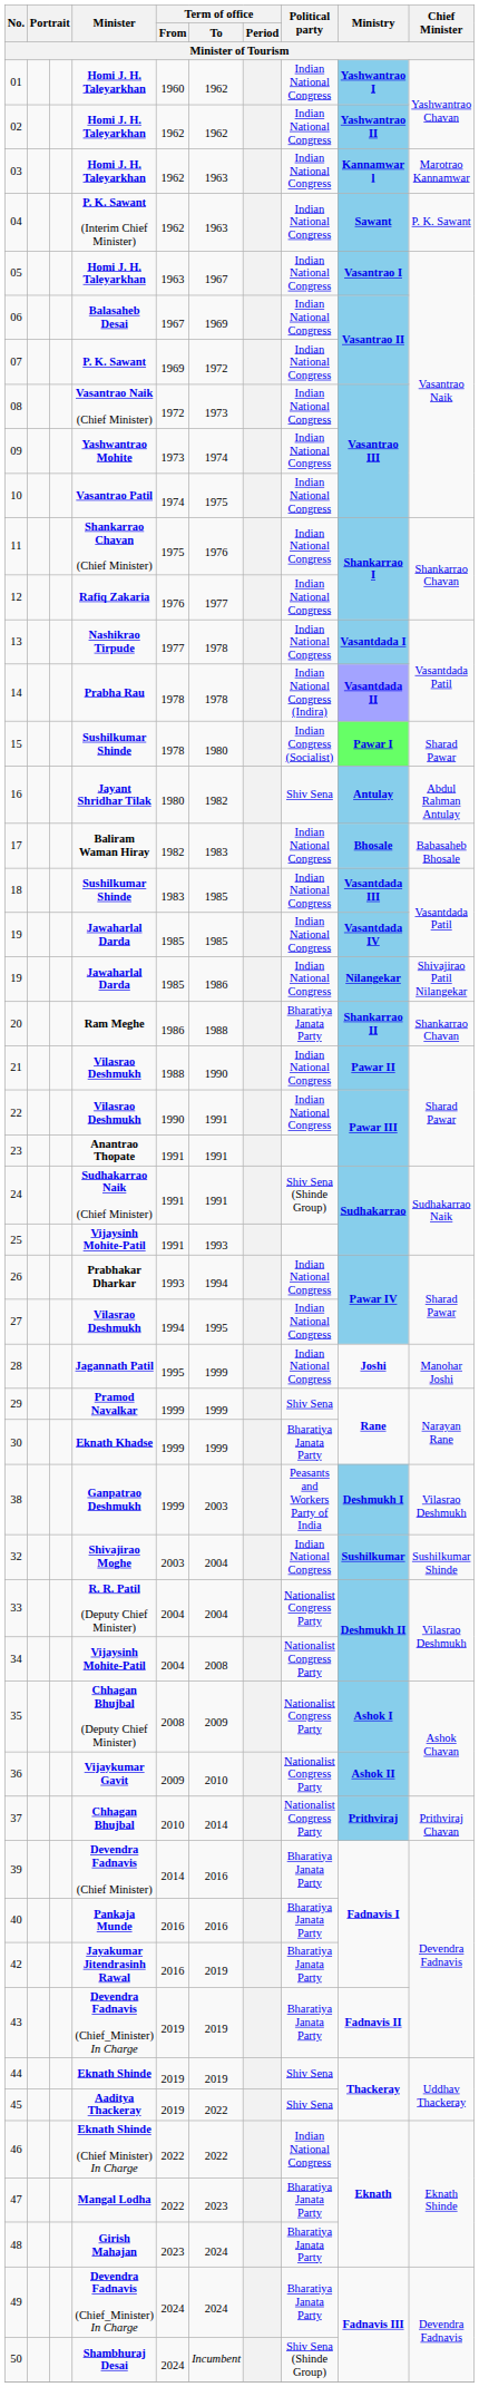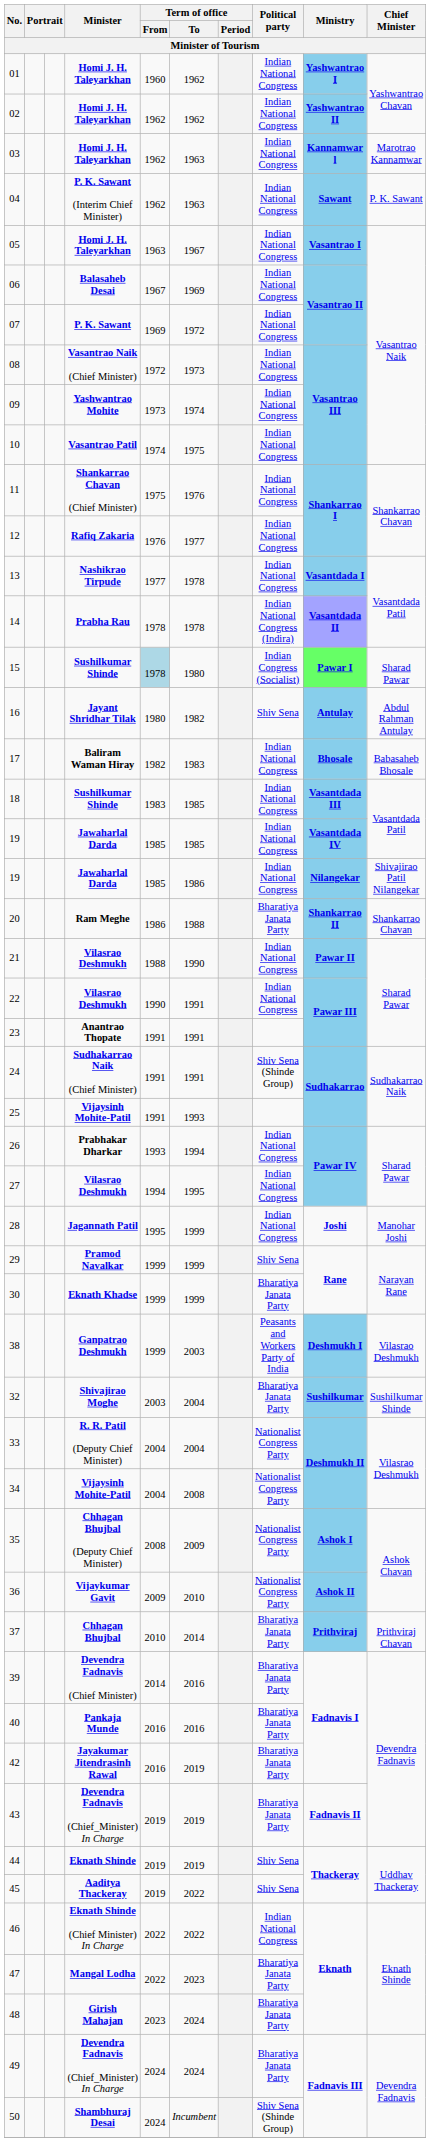 <table class="wikitable" style="text-align:center">
 <tr>
 <th rowspan="2">No.</th>
 <th rowspan="2" colspan="2">Portrait</th>
 <th rowspan="2" style="width:16em">Minister<br></th>
 <th colspan="3">Term of office</th>
 <th rowspan="2" style="width:8em">Political party</th>
 <th rowspan="2">Ministry</th>
 <th rowspan="2" style="width:9em">Chief Minister</th>
 </tr>
 <tr>
 <th style="width:6em">From</th>
 <th style="width:6em">To</th>
 <th>Period</th>
 </tr>
 <tr>
 <th colspan="10">Minister of Tourism</th>
 </tr>
 <tr>
 <td>01</td>
 <td style="color:inherit;background:"></td>
 <td></td>
 <td><strong><a href='#'>Homi J. H. Taleyarkhan</a></strong>  <br> </td>
 <td><br>1960</td>
 <td><br>1962</td>
 <th></th>
 <td><a href='#'>Indian National Congress</a></td>
 <td bgcolor="#87CEEB"><a href='#'><strong>Yashwantrao I</strong></a></td>
 <td rowspan="2"> <br><a href='#'>Yashwantrao Chavan</a></td>
 </tr>
 <tr>
 <td>02</td>
 <td style="color:inherit;background:"></td>
 <td></td>
 <td><strong><a href='#'>Homi J. H. Taleyarkhan</a></strong>   <br> </td>
 <td><br>1962</td>
 <td><br>1962</td>
 <th></th>
 <td><a href='#'>Indian National Congress</a></td>
 <td bgcolor="#87CEEB"><a href='#'><strong>Yashwantrao II</strong></a></td>
 </tr>
 <tr>
 <td>03</td>
 <td style="color:inherit;background:"></td>
 <td></td>
 <td><strong><a href='#'>Homi J. H. Taleyarkhan</a></strong> <br> </td>
 <td><br>1962</td>
 <td><br>1963</td>
 <th></th>
 <td><a href='#'>Indian National Congress</a></td>
 <td bgcolor="#87CEEB"><a href='#'><strong>Kannamwar l</strong></a></td>
 <td><a href='#'>Marotrao Kannamwar</a></td>
 </tr>
 <tr>
 <td>04</td>
 <td style="color:inherit;background:"></td>
 <td></td>
 <td><strong><a href='#'>P. K. Sawant</a></strong> <br>  <br>(Interim Chief Minister)</td>
 <td><br>1962</td>
 <td><br>1963</td>
 <th></th>
 <td><a href='#'>Indian National Congress</a></td>
 <td bgcolor="#87CEEB"><a href='#'><strong>Sawant</strong></a></td>
 <td><a href='#'>P. K. Sawant</a></td>
 </tr>
 <tr>
 <td>05</td>
 <td style="color:inherit;background:"></td>
 <td></td>
 <td><strong><a href='#'>Homi J. H. Taleyarkhan</a></strong> <br> </td>
 <td><br>1963</td>
 <td><br>1967</td>
 <th></th>
 <td><a href='#'>Indian National Congress</a></td>
 <td bgcolor="#87CEEB"><a href='#'><strong>Vasantrao I</strong></a></td>
 <td rowspan="6"><br><a href='#'>Vasantrao Naik</a></td>
 </tr>
 <tr>
 <td>06</td>
 <td style="color:inherit;background:"></td>
 <td></td>
 <td><strong><a href='#'>Balasaheb Desai</a></strong> <br> </td>
 <td><br>1967</td>
 <td><br>1969</td>
 <th></th>
 <td><a href='#'>Indian National Congress</a></td>
 <td rowspan="2" bgcolor="#87CEEB"><a href='#'><strong>Vasantrao II</strong></a></td>
 </tr>
 <tr>
 <td>07</td>
 <td style="color:inherit;background:"></td>
 <td></td>
 <td><strong><a href='#'>P. K. Sawant</a></strong> <br> </td>
 <td><br>1969</td>
 <td><br>1972</td>
 <th></th>
 <td><a href='#'>Indian National Congress</a></td>
 </tr>
 <tr>
 <td>08</td>
 <td style="color:inherit;background:"></td>
 <td></td>
 <td><strong><a href='#'>Vasantrao Naik</a></strong> <br> <br> (Chief Minister)</td>
 <td><br>1972</td>
 <td><br>1973</td>
 <th></th>
 <td><a href='#'>Indian National Congress</a></td>
 <td rowspan="3" bgcolor="#87CEEB"><a href='#'><strong>Vasantrao III</strong></a></td>
 </tr>
 <tr>
 <td>09</td>
 <td style="color:inherit;background:"></td>
 <td></td>
 <td><strong><a href='#'>Yashwantrao Mohite</a></strong> <br> </td>
 <td><br>1973</td>
 <td><br>1974</td>
 <th></th>
 <td><a href='#'>Indian National Congress</a></td>
 </tr>
 <tr>
 <td>10</td>
 <td style="color:inherit;background:"></td>
 <td></td>
 <td><strong><a href='#'>Vasantrao Patil</a></strong> <br> </td>
 <td><br>1974</td>
 <td><br>1975</td>
 <th></th>
 <td><a href='#'>Indian National Congress</a></td>
 </tr>
 <tr>
 <td>11</td>
 <td style="color:inherit;background:"></td>
 <td></td>
 <td><strong><a href='#'>Shankarrao Chavan</a></strong> <br> <br> (Chief Minister)</td>
 <td><br>1975</td>
 <td><br>1976</td>
 <th></th>
 <td><a href='#'>Indian National Congress</a></td>
 <td rowspan="2" bgcolor="#87CEEB"><a href='#'><strong>Shankarrao I</strong></a></td>
 <td rowspan="2"><br><a href='#'>Shankarrao Chavan</a></td>
 </tr>
 <tr>
 <td>12</td>
 <td style="color:inherit;background:"></td>
 <td></td>
 <td><strong><a href='#'>Rafiq Zakaria</a></strong> <br> </td>
 <td><br>1976</td>
 <td><br>1977</td>
 <th></th>
 <td><a href='#'>Indian National Congress</a></td>
 </tr>
 <tr>
 <td>13</td>
 <td style="color:inherit;background:"></td>
 <td></td>
 <td><strong><a href='#'>Nashikrao Tirpude</a></strong> <br> </td>
 <td><br>1977</td>
 <td><br>1978</td>
 <th></th>
 <td><a href='#'>Indian National Congress</a></td>
 <td rowspan="1" bgcolor="#88CEEB"><a href='#'><strong>Vasantdada I</strong></a></td>
 <td rowspan="2"><br><a href='#'>Vasantdada Patil</a></td>
 </tr>
 <tr>
 <td>14</td>
 <td style="color:inherit;background:"></td>
 <td></td>
 <td><strong><a href='#'>Prabha Rau</a></strong> <br> </td>
 <td><br>1978</td>
 <td><br>1978</td>
 <th></th>
 <td><a href='#'>Indian National Congress (Indira)</a></td>
 <td rowspan="1" bgcolor="#A3A3FF"><a href='#'><strong>Vasantdada II</strong></a></td>
 </tr>
 <tr>
 <td>15</td>
 <td style="color:inherit;background:"></td>
 <td></td>
 <td><strong><a href='#'>Sushilkumar Shinde</a></strong> <br> </td>
-<td><br>1978</td>
+<td style="background: lightblue;"><br>1978</td>
 <td><br>1980</td>
 <th></th>
 <td><a href='#'>Indian Congress (Socialist)</a></td>
 <td rowspan="1" bgcolor="#66FF66"><a href='#'><strong>Pawar I</strong></a></td>
 <td rowspan="1"><br><a href='#'>Sharad Pawar</a></td>
 </tr>
 <tr>
 <td>16</td>
 <td style="color:inherit;background:"></td>
 <td></td>
 <td><strong><a href='#'>Jayant Shridhar Tilak</a></strong> <br> </td>
 <td><br>1980</td>
 <td><br>1982</td>
 <th></th>
 <td><a href='#'>Shiv Sena</a></td>
 <td rowspan="1" bgcolor="#87CEEB"><a href='#'><strong>Antulay</strong></a></td>
 <td rowspan="1"> <br><a href='#'>Abdul Rahman Antulay</a></td>
 </tr>
 <tr>
 <td>17</td>
 <td style="color:inherit;background:"></td>
 <td></td>
 <td><strong>Baliram Waman Hiray</strong>  <br> </td>
 <td><br>1982</td>
 <td><br>1983</td>
 <th></th>
 <td><a href='#'>Indian National Congress</a></td>
 <td rowspan="1" bgcolor="#87CEEB"><a href='#'><strong>Bhosale</strong></a></td>
 <td rowspan="1"> <br><a href='#'>Babasaheb Bhosale</a></td>
 </tr>
 <tr>
 <td>18</td>
 <td style="color:inherit;background:"></td>
 <td></td>
 <td><strong><a href='#'>Sushilkumar Shinde</a></strong> <br> </td>
 <td><br>1983</td>
 <td><br>1985</td>
 <th></th>
 <td><a href='#'>Indian National Congress</a></td>
 <td rowspan="1" bgcolor="#87CEEB"><a href='#'><strong>Vasantdada III</strong></a></td>
 <td rowspan="2"><br><a href='#'>Vasantdada Patil</a></td>
 </tr>
 <tr>
 <td>19</td>
 <td style="color:inherit;background:"></td>
 <td></td>
 <td><strong><a href='#'>Jawaharlal Darda</a></strong>  <br> </td>
 <td><br>1985</td>
 <td><br>1985</td>
 <th></th>
 <td><a href='#'>Indian National Congress</a></td>
 <td bgcolor="#87CEEB"><a href='#'><strong>Vasantdada IV</strong></a></td>
 </tr>
 <tr>
 <td>19</td>
 <td style="color:inherit;background:"></td>
 <td></td>
 <td><strong><a href='#'>Jawaharlal Darda</a></strong>  <br> </td>
 <td><br>1985</td>
 <td><br>1986</td>
 <th></th>
 <td><a href='#'>Indian National Congress</a></td>
 <td bgcolor="#87CEEB"><a href='#'><strong>Nilangekar</strong></a></td>
 <td><a href='#'>Shivajirao Patil Nilangekar</a></td>
 </tr>
 <tr>
 <td>20</td>
 <td style="color:inherit;background:"></td>
 <td></td>
 <td><strong>Ram Meghe</strong> <br> </td>
 <td><br>1986</td>
 <td><br>1988</td>
 <th></th>
 <td><a href='#'>Bharatiya Janata Party</a></td>
 <td rowspan="1"bgcolor="#87CEEB"><a href='#'><strong>Shankarrao II</strong></a></td>
 <td rowspan="1"> <br><a href='#'>Shankarrao Chavan</a></td>
 </tr>
 <tr>
 <td>21</td>
 <td style="color:inherit;background:"></td>
 <td></td>
 <td><strong><a href='#'>Vilasrao Deshmukh</a></strong>  <br> </td>
 <td><br>1988</td>
 <td><br>1990</td>
 <th></th>
 <td><a href='#'>Indian National Congress</a></td>
 <td rowspan="1" bgcolor="#87CEEB"><a href='#'><strong>Pawar II</strong></a></td>
 <td rowspan="3"> <br><a href='#'>Sharad Pawar</a></td>
 </tr>
 <tr>
 <td>22</td>
 <td style="color:inherit;background:"></td>
 <td></td>
 <td><strong><a href='#'>Vilasrao Deshmukh</a></strong> <br> </td>
 <td><br>1990</td>
 <td><br>1991</td>
 <th></th>
 <td><a href='#'>Indian National Congress</a></td>
 <td rowspan="2" bgcolor="#87CEEB"><a href='#'><strong>Pawar III</strong></a></td>
 </tr>
 <tr>
 <td>23</td>
 <td style="color:inherit;background:"></td>
 <td></td>
 <td><strong>Anantrao Thopate</strong> <br> </td>
 <td><br>1991</td>
 <td><br>1991</td>
 <th></th>
 </tr>
 <tr>
 <td>24</td>
 <td style="color:inherit;background:"></td>
 <td></td>
 <td><strong><a href='#'>Sudhakarrao Naik</a></strong> <br> <br> (Chief Minister)</td>
 <td><br>1991</td>
 <td><br>1991</td>
 <th></th>
 <td><a href='#'>Shiv Sena</a> (Shinde Group)</td>
 <td rowspan="2" bgcolor="#87CEEB"><a href='#'><strong>Sudhakarrao</strong></a></td>
 <td rowspan="2"><a href='#'>Sudhakarrao Naik</a></td>
 </tr>
 <tr>
 <td>25</td>
 <td style="color:inherit;background:"></td>
 <td></td>
 <td><strong><a href='#'>Vijaysinh Mohite-Patil</a></strong> <br> </td>
 <td><br>1991</td>
 <td><br>1993</td>
 <th></th>
 </tr>
 <tr>
 <td>26</td>
 <td style="color:inherit;background:"></td>
 <td></td>
 <td><strong>Prabhakar Dharkar</strong> <br> </td>
 <td><br>1993</td>
 <td><br>1994</td>
 <th></th>
 <td><a href='#'>Indian National Congress</a></td>
 <td rowspan="2" bgcolor="#87CEEB"><a href='#'><strong>Pawar IV</strong></a></td>
 <td rowspan="2"> <br><a href='#'>Sharad Pawar</a></td>
 </tr>
 <tr>
 <td>27</td>
 <td style="color:inherit;background:"></td>
 <td></td>
 <td><strong><a href='#'>Vilasrao Deshmukh</a></strong> <br> </td>
 <td><br>1994</td>
 <td><br>1995</td>
 <th></th>
 <td><a href='#'>Indian National Congress</a></td>
 </tr>
 <tr>
 <td>28</td>
 <td style="color:inherit;background:"></td>
 <td></td>
 <td><strong><a href='#'>Jagannath Patil</a></strong> <br> </td>
 <td><br>1995</td>
 <td><br>1999</td>
 <th></th>
 <td><a href='#'>Indian National Congress</a></td>
 <td rowspan="1"><a href='#'><strong>Joshi</strong></a></td>
 <td rowspan="1"> <br><a href='#'>Manohar Joshi</a></td>
 </tr>
 <tr>
 <td>29</td>
 <td style="color:inherit;background:"></td>
 <td></td>
 <td><strong><a href='#'>Pramod Navalkar</a></strong> <br> </td>
 <td><br>1999</td>
 <td><br>1999</td>
 <th></th>
 <td><a href='#'>Shiv Sena</a></td>
 <td rowspan="2"><a href='#'><strong>Rane</strong></a></td>
 <td rowspan="2"> <br><a href='#'>Narayan Rane</a></td>
 </tr>
 <tr>
 <td>30</td>
 <td style="color:inherit;background:"></td>
 <td></td>
 <td><strong><a href='#'>Eknath Khadse</a></strong> <br> </td>
 <td><br>1999</td>
 <td><br>1999</td>
 <th></th>
 <td><a href='#'>Bharatiya Janata Party</a></td>
 </tr>
 <tr>
 <td>38</td>
 <td style="color:inherit;background:"></td>
 <td></td>
 <td><strong><a href='#'>Ganpatrao Deshmukh</a></strong> <br> </td>
 <td><br>1999</td>
 <td><br>2003</td>
 <th></th>
 <td><a href='#'>Peasants and Workers Party of India</a></td>
 <td rowspan="1" bgcolor="#87CEEB"><a href='#'><strong>Deshmukh I</strong></a></td>
 <td rowspan="1"> <br><a href='#'>Vilasrao Deshmukh</a></td>
 </tr>
 <tr>
 <td>32</td>
 <td style="color:inherit;background:"></td>
 <td></td>
 <td><strong><a href='#'>Shivajirao Moghe</a></strong> <br> </td>
 <td><br>2003</td>
 <td><br>2004</td>
 <th></th>
-<td><a href='#'>Indian National Congress</a></td>
+<td rowspan="1"><a href='#'>Bharatiya Janata Party</a></td>
 <td rowspan="1" bgcolor="#87CEEB"><a href='#'><strong>Sushilkumar</strong></a></td>
 <td rowspan="1"> <br><a href='#'>Sushilkumar Shinde</a></td>
 </tr>
 <tr>
 <td>33</td>
 <td style="color:inherit;background:"></td>
 <td></td>
 <td><strong><a href='#'>R. R. Patil</a></strong> <br> <br> (Deputy Chief Minister)</td>
 <td><br>2004</td>
 <td><br>2004</td>
 <th></th>
 <td><a href='#'>Nationalist Congress Party</a></td>
 <td rowspan="2" bgcolor="#87CEEB"><a href='#'><strong>Deshmukh II</strong></a></td>
 <td rowspan="2"> <br><a href='#'>Vilasrao Deshmukh</a></td>
 </tr>
 <tr>
 <td>34</td>
 <td style="color:inherit;background:"></td>
 <td></td>
 <td><strong><a href='#'>Vijaysinh Mohite-Patil</a></strong> <br> </td>
 <td><br>2004</td>
 <td><br>2008</td>
 <th></th>
 <td><a href='#'>Nationalist Congress Party</a></td>
 </tr>
 <tr>
 <td>35</td>
 <td style="color:inherit;background:"></td>
 <td></td>
 <td><strong><a href='#'>Chhagan Bhujbal</a></strong> <br> <br> (Deputy Chief Minister)</td>
 <td><br>2008</td>
 <td><br>2009</td>
 <th></th>
 <td><a href='#'>Nationalist Congress Party</a></td>
 <td bgcolor="#87CEEB"><a href='#'><strong>Ashok I</strong></a></td>
 <td rowspan="2"><br><a href='#'>Ashok Chavan</a></td>
 </tr>
 <tr>
 <td>36</td>
 <td style="color:inherit;background:"></td>
 <td></td>
 <td><strong><a href='#'>Vijaykumar Gavit</a></strong> <br> </td>
 <td><br>2009</td>
 <td><br>2010</td>
 <th></th>
 <td><a href='#'>Nationalist Congress Party</a></td>
 <td bgcolor="#87CEEB"><a href='#'><strong>Ashok II</strong></a></td>
 </tr>
 <tr>
 <td>37</td>
 <td style="color:inherit;background:"></td>
 <td></td>
 <td><strong><a href='#'>Chhagan Bhujbal</a></strong> <br> </td>
 <td><br>2010</td>
 <td><br>2014</td>
 <th></th>
-<td><a href='#'>Nationalist Congress Party</a></td>
+<td><a href='#'>Bharatiya Janata Party</a></td>
 <td rowspan="1" bgcolor="#87CEEB"><a href='#'><strong>Prithviraj</strong></a></td>
 <td rowspan="1"><br><a href='#'>Prithviraj Chavan</a></td>
 </tr>
 <tr>
 <td>39</td>
 <td style="color:inherit;background:"></td>
 <td></td>
 <td><strong><a href='#'>Devendra Fadnavis</a></strong>  <br> <br>(Chief Minister)</td>
 <td><br>2014</td>
 <td><br>2016</td>
 <th></th>
 <td rowspan="1"><a href='#'>Bharatiya Janata Party</a></td>
 <td rowspan="3"><a href='#'><strong>Fadnavis I</strong></a></td>
 <td rowspan="4"> <br><a href='#'>Devendra Fadnavis</a></td>
 </tr>
 <tr>
 <td>40</td>
 <td style="color:inherit;background:"></td>
 <td></td>
 <td><strong><a href='#'>Pankaja Munde</a></strong> <br> </td>
 <td><br>2016</td>
 <td><br>2016</td>
 <th></th>
 <td rowspan="1"><a href='#'>Bharatiya Janata Party</a></td>
 </tr>
 <tr>
 <td>42</td>
 <td style="color:inherit;background:"></td>
 <td></td>
 <td><strong><a href='#'>Jayakumar Jitendrasinh Rawal</a></strong> <br> </td>
 <td><br>2016</td>
 <td><br>2019</td>
 <th></th>
 <td><a href='#'>Bharatiya Janata Party</a></td>
 </tr>
 <tr>
 <td>43</td>
 <td style="color:inherit;background:"></td>
 <td></td>
 <td><strong><a href='#'>Devendra Fadnavis</a></strong>  <br> <br>(Chief_Minister) <br><em>In Charge</em></td>
 <td><br>2019</td>
 <td><br>2019</td>
 <th></th>
 <td><a href='#'>Bharatiya Janata Party</a></td>
 <td rowspan="1"><a href='#'><strong>Fadnavis II</strong></a></td>
 </tr>
 <tr>
 <td>44</td>
 <td style="color:inherit;background:"></td>
 <td></td>
 <td><strong><a href='#'>Eknath Shinde</a></strong> <br> </td>
 <td><br>2019</td>
 <td><br>2019</td>
 <th></th>
 <td><a href='#'>Shiv Sena</a></td>
 <td rowspan="2"><a href='#'><strong>Thackeray</strong></a></td>
 <td rowspan="2"> <br><a href='#'>Uddhav Thackeray</a></td>
 </tr>
 <tr>
 <td>45</td>
 <td style="color:inherit;background:"></td>
 <td></td>
 <td><strong><a href='#'>Aaditya Thackeray</a></strong> <br> </td>
 <td><br>2019</td>
 <td><br>2022</td>
 <th></th>
 <td><a href='#'>Shiv Sena</a></td>
 </tr>
 <tr>
 <td>46</td>
 <td style="color:inherit;background:"></td>
 <td></td>
 <td><strong><a href='#'>Eknath Shinde</a></strong> <br>  <br>(Chief Minister)<br><em>In Charge</em></td>
 <td><br>2022</td>
 <td><br>2022</td>
 <th></th>
 <td><a href='#'>Indian National Congress</a></td>
 <td rowspan="3"><a href='#'><strong>Eknath</strong></a></td>
 <td rowspan="3"> <br><a href='#'>Eknath Shinde</a></td>
 </tr>
 <tr>
 <td>47</td>
 <td style="color:inherit;background:"></td>
 <td></td>
 <td><strong><a href='#'>Mangal Lodha</a></strong> <br> </td>
 <td><br>2022</td>
 <td><br>2023</td>
 <th></th>
 <td><a href='#'>Bharatiya Janata Party</a></td>
 </tr>
 <tr>
 <td>48</td>
 <td style="color:inherit;background:"></td>
 <td></td>
 <td><strong><a href='#'>Girish Mahajan</a></strong> <br> </td>
 <td><br>2023</td>
 <td><br>2024</td>
 <th></th>
 <td><a href='#'>Bharatiya Janata Party</a></td>
 </tr>
 <tr>
 <td>49</td>
 <td style="color:inherit;background:"></td>
 <td></td>
 <td><strong><a href='#'>Devendra Fadnavis</a></strong>  <br> <br>(Chief_Minister) <br><em>In Charge</em></td>
 <td><br>2024</td>
 <td><br>2024</td>
 <th></th>
 <td><a href='#'>Bharatiya Janata Party</a></td>
 <td rowspan="2"><a href='#'><strong>Fadnavis III</strong></a></td>
 <td rowspan="2"> <br><a href='#'>Devendra Fadnavis</a></td>
 </tr>
 <tr>
 <td>50</td>
 <td style="color:inherit;background:"></td>
 <td></td>
 <td><strong><a href='#'>Shambhuraj Desai</a></strong>  <br> </td>
 <td><br>2024</td>
 <td><em>Incumbent</em></td>
 <th></th>
 <td><a href='#'>Shiv Sena</a> (Shinde Group)</td>
 </tr>
 <tr>
 </tr>
 </table>
